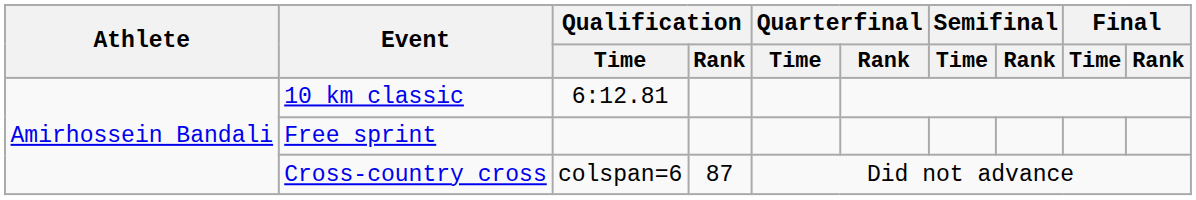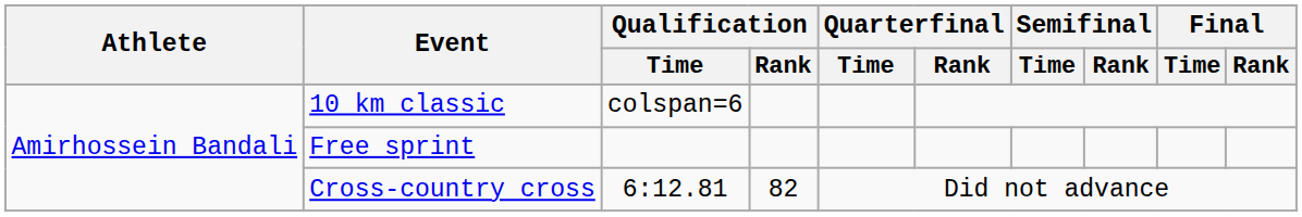 <table class="wikitable" style="font-size:90%">
 <tr>
 <th rowspan="2">Athlete</th>
 <th rowspan="2">Event</th>
 <th colspan="2">Qualification</th>
 <th colspan="2">Quarterfinal</th>
 <th colspan="2">Semifinal</th>
 <th colspan="2">Final</th>
 </tr>
 <tr style="font-size:95%">
 <th>Time</th>
 <th>Rank</th>
 <th>Time</th>
 <th>Rank</th>
 <th>Time</th>
 <th>Rank</th>
 <th>Time</th>
 <th>Rank</th>
 </tr>
 <tr align=center>
 <td align=left rowspan=3><a href='#'>Amirhossein Bandali</a></td>
 <td align=left><a href='#'>10 km classic</a></td>
-<td>6:12.81</td>
+<td>colspan=6 </td>
 <td></td>
 <td></td>
 </tr>
 <tr align=center>
 <td align=left><a href='#'>Free sprint</a></td>
 <td></td>
 <td></td>
 <td></td>
 <td></td>
 <td></td>
 <td></td>
 <td></td>
 <td></td>
 </tr>
 <tr align=center>
 <td align=left><a href='#'>Cross-country cross</a></td>
-<td>colspan=6 </td>
-<td>87</td>
+<td>6:12.81</td>
+<td>82</td>
 <td colspan="6">Did not advance</td>
 </tr>
 </table>
